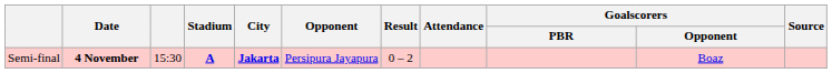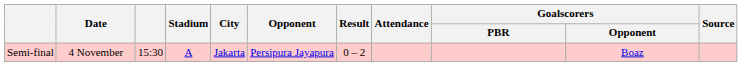 <table class="wikitable" Style="text-align: center;font-size:75%">
 <tr>
 <th rowspan="2"></th>
 <th rowspan="2" style="width:80px">Date</th>
 <th rowspan="2"></th>
 <th rowspan="2">Stadium</th>
 <th rowspan="2">City</th>
 <th rowspan="2">Opponent</th>
 <th rowspan="2">Result</th>
 <th rowspan="2">Attendance</th>
 <th colspan="2">Goalscorers</th>
 <th rowspan="2">Source</th>
 </tr>
 <tr>
 <th style="width:140px">PBR</th>
 <th style="width:140px">Opponent</th>
 </tr>
 <tr style="background:#fcc">
 <td>Semi-final</td>
-<td><strong>4 November</strong></td>
+<td>4 November</td>
 <td>15:30</td>
-<td><strong><a href='#'>A</a></strong></td>
-<td><strong><a href='#'>Jakarta</a></strong></td>
+<td><a href='#'>A</a></td>
+<td><a href='#'>Jakarta</a></td>
 <td><a href='#'>Persipura Jayapura</a></td>
 <td>0 – 2</td>
 <td></td>
 <td></td>
 <td><a href='#'>Boaz</a> </td>
 <td></td>
 </tr>
 </table>
